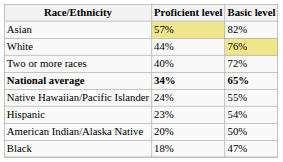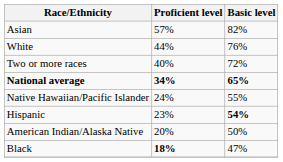 <table class="wikitable sortable">
 <tr>
 <th class="unsortable">Race/Ethnicity</th>
 <th class="unsortable">Proficient level</th>
 <th class="unsortable">Basic level</th>
 </tr>
 <tr>
 <td>Asian</td>
-<td style="background: khaki;">57%</td>
+<td>57%</td>
 <td>82%</td>
 </tr>
 <tr>
 <td>White</td>
 <td>44%</td>
-<td style="background: khaki;">76%</td>
+<td>76%</td>
 </tr>
 <tr>
 <td>Two or more races</td>
 <td>40%</td>
 <td>72%</td>
 </tr>
 <tr>
 <td><strong>National average</strong></td>
 <td><strong>34%</strong></td>
 <td><strong>65%</strong></td>
 </tr>
 <tr>
 <td>Native Hawaiian/Pacific Islander</td>
 <td>24%</td>
 <td>55%</td>
 </tr>
 <tr>
 <td>Hispanic</td>
 <td>23%</td>
-<td>54%</td>
+<td><strong>54%</strong></td>
 </tr>
 <tr>
 <td>American Indian/Alaska Native</td>
 <td>20%</td>
 <td>50%</td>
 </tr>
 <tr>
 <td>Black</td>
-<td>18%</td>
+<td><strong>18%</strong></td>
 <td>47%</td>
 </tr>
 <tr>
 </tr>
 </table>
